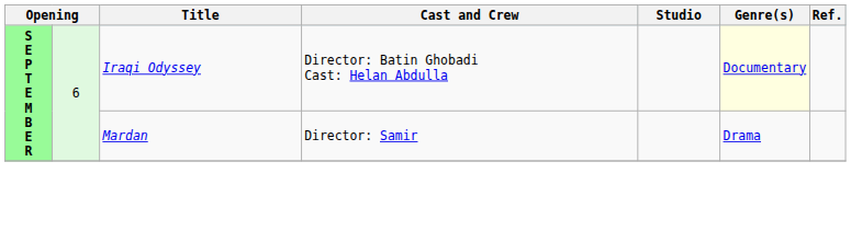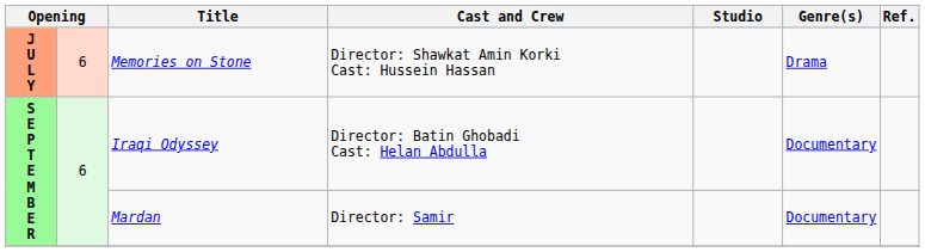 <table class="wikitable">
 <tr style="background:#b0e0e6; text-align:center;">
 <th colspan="2">Opening</th>
 <th style="width:24%;">Title</th>
 <th style="width:40%;">Cast and Crew</th>
 <th>Studio</th>
 <th style="width:10%;">Genre(s)</th>
 <th style="width:2%;">Ref.</th>
 </tr>
 <tr>
+<th rowspan="1" style="text-align:center; background:#ffa07a; textcolor:#000;">J<br>U<br>L<br>Y</th>
+<td rowspan="1" style="text-align:center; background:#ffdacc;">6</td>
+<td><em><a href='#'>Memories on Stone</a></em></td>
+<td>Director: Shawkat Amin Korki <br> Cast: Hussein Hassan</td>
+<td></td>
+<td><a href='#'>Drama</a></td>
+<td style="text-align:center"></td>
+</tr>
+<tr>
 <th rowspan="2" style="text-align:center; background:#98fb98; textcolor:#000;">S<br>E<br>P<br>T<br>E<br>M<br>B<br>E<br>R</th>
 <td rowspan="2" style="text-align:center; background:#e0f9e0;">6</td>
 <td><em><a href='#'>Iraqi Odyssey</a></em></td>
 <td>Director: Batin Ghobadi <br> Cast: <a href='#'>Helan Abdulla</a></td>
 <td></td>
-<td style="background: lightyellow;"><a href='#'>Documentary</a></td>
+<td><a href='#'>Documentary</a></td>
 <td style="text-align:center"></td>
 </tr>
 <tr>
 <td><em><a href='#'>Mardan</a></em></td>
 <td>Director: <a href='#'>Samir</a></td>
 <td></td>
-<td><a href='#'>Drama</a></td>
+<td><a href='#'>Documentary</a></td>
 <td style="text-align:center"></td>
 </tr>
 <tr>
 </tr>
 </table>
